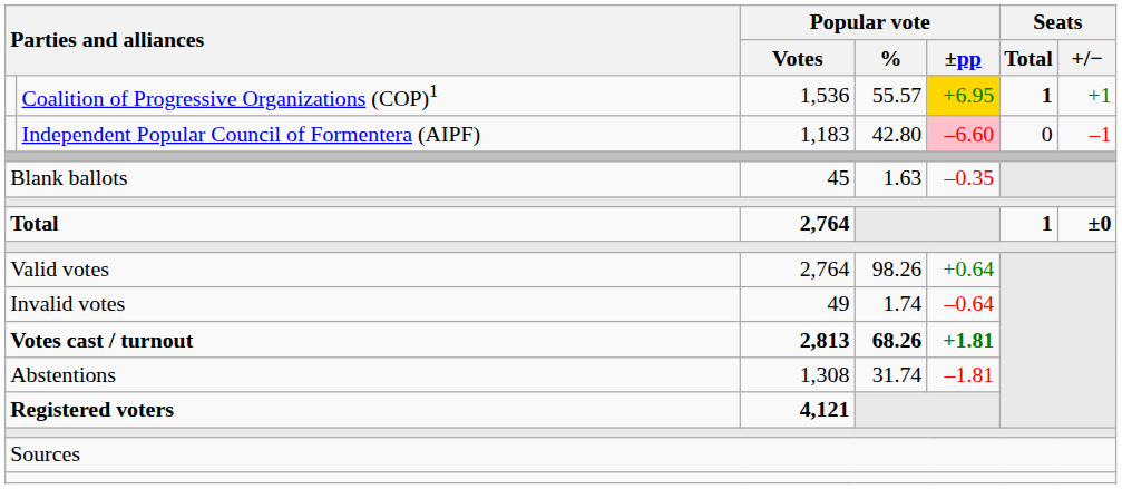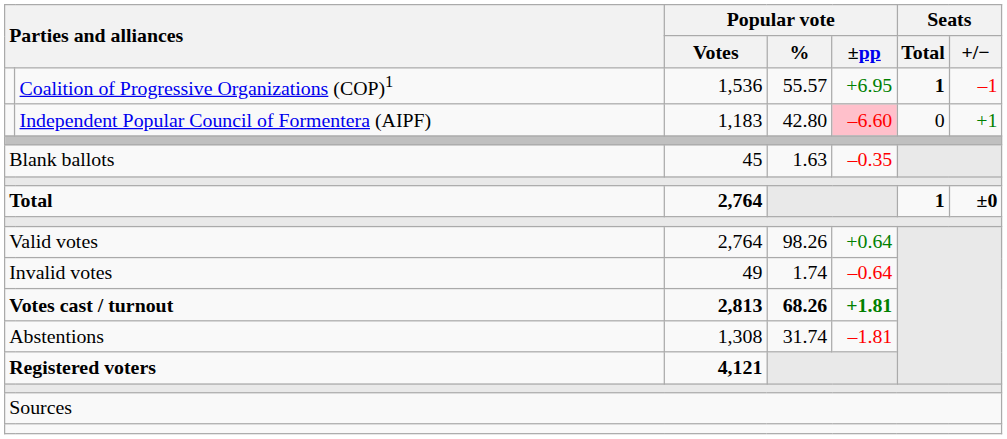 <table class="wikitable" style="text-align:right;">
 <tr>
 <th style="text-align:left;" rowspan="2" colspan="2" width="525">Parties and alliances</th>
 <th colspan="3">Popular vote</th>
 <th colspan="2">Seats</th>
 </tr>
 <tr>
 <th width="75">Votes</th>
 <th width="45">%</th>
 <th width="45">±<a href='#'>pp</a></th>
 <th width="35">Total</th>
 <th width="35">+/−</th>
 </tr>
 <tr>
 <td width="1" style="color:inherit;background:"></td>
 <td align="left"><a href='#'>Coalition of Progressive Organizations</a> (COP)<sup>1</sup></td>
 <td>1,536</td>
 <td>55.57</td>
-<td style="background: gold; color:green;">+6.95</td>
+<td style="color:green;">+6.95</td>
 <td><strong>1</strong></td>
-<td style="color:green;">+1</td>
+<td style="color:red;">–1</td>
 </tr>
 <tr>
 <td style="color:inherit;background:"></td>
 <td align="left"><a href='#'>Independent Popular Council of Formentera</a> (AIPF)</td>
 <td>1,183</td>
 <td>42.80</td>
 <td style="background: pink; color:red;">–6.60</td>
 <td>0</td>
-<td style="color:red;">–1</td>
+<td style="color:green;">+1</td>
 </tr>
 <tr>
 <td colspan="7" bgcolor="#C0C0C0"></td>
 </tr>
 <tr>
 <td align="left" colspan="2">Blank ballots</td>
 <td>45</td>
 <td>1.63</td>
 <td style="color:red;">–0.35</td>
 <td bgcolor="#E9E9E9" colspan="2"></td>
 </tr>
 <tr>
 <td colspan="7" bgcolor="#E9E9E9"></td>
 </tr>
 <tr style="font-weight:bold;">
 <td align="left" colspan="2">Total</td>
 <td>2,764</td>
 <td bgcolor="#E9E9E9" colspan="2"></td>
 <td>1</td>
 <td>±0</td>
 </tr>
 <tr>
 <td colspan="7" bgcolor="#E9E9E9"></td>
 </tr>
 <tr>
 <td align="left" colspan="2">Valid votes</td>
 <td>2,764</td>
 <td>98.26</td>
 <td style="color:green;">+0.64</td>
 <td bgcolor="#E9E9E9" colspan="2" rowspan="5"></td>
 </tr>
 <tr>
 <td align="left" colspan="2">Invalid votes</td>
 <td>49</td>
 <td>1.74</td>
 <td style="color:red;">–0.64</td>
 </tr>
 <tr style="font-weight:bold;">
 <td align="left" colspan="2">Votes cast / turnout</td>
 <td>2,813</td>
 <td>68.26</td>
 <td style="color:green;">+1.81</td>
 </tr>
 <tr>
 <td align="left" colspan="2">Abstentions</td>
 <td>1,308</td>
 <td>31.74</td>
 <td style="color:red;">–1.81</td>
 </tr>
 <tr style="font-weight:bold;">
 <td align="left" colspan="2">Registered voters</td>
 <td>4,121</td>
 <td bgcolor="#E9E9E9" colspan="2"></td>
 </tr>
 <tr>
 <td colspan="7" bgcolor="#E9E9E9"></td>
 </tr>
 <tr>
 <td align="left" colspan="7">Sources</td>
 </tr>
 <tr>
 <td colspan="7" style="text-align:left; max-width:790px;"></td>
 </tr>
 </table>
